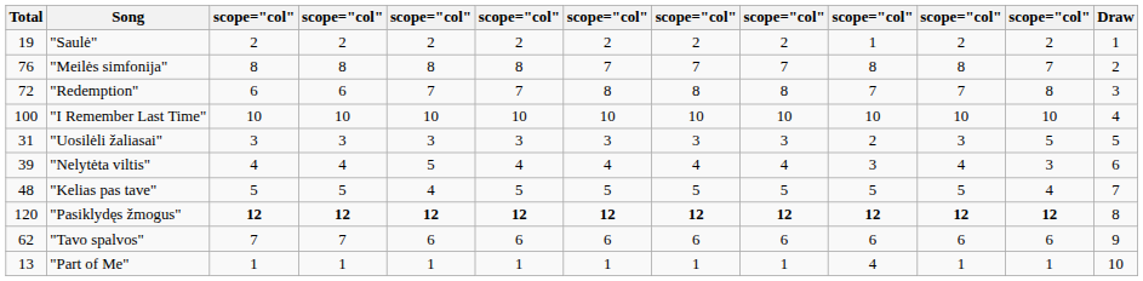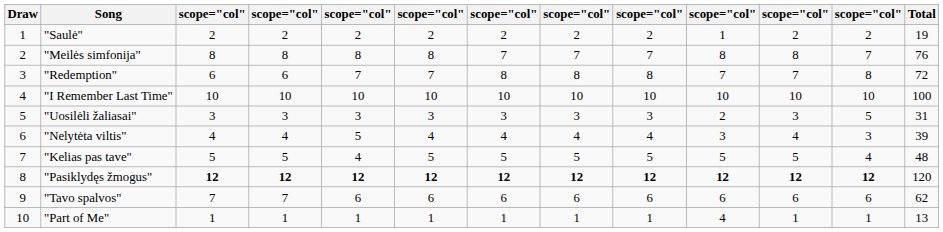 <table class="wikitable collapsible" style="margin: 1em auto 1em auto; text-align:center">
 <tr>
-<th>Total</th>
+<th>Draw</th>
 <th>Song</th>
 <th>scope="col" </th>
 <th>scope="col" </th>
 <th>scope="col" </th>
 <th>scope="col" </th>
 <th>scope="col" </th>
 <th>scope="col" </th>
 <th>scope="col" </th>
 <th>scope="col" </th>
 <th>scope="col" </th>
 <th>scope="col" </th>
-<th>Draw</th>
+<th>Total</th>
 </tr>
 <tr>
-<td>19</td>
+<td>1</td>
 <td align="left">"Saulė"</td>
 <td>2</td>
 <td>2</td>
 <td>2</td>
 <td>2</td>
 <td>2</td>
 <td>2</td>
 <td>2</td>
 <td>1</td>
 <td>2</td>
 <td>2</td>
-<td>1</td>
+<td>19</td>
 </tr>
 <tr>
-<td>76</td>
+<td>2</td>
 <td align="left">"Meilės simfonija"</td>
 <td>8</td>
 <td>8</td>
 <td>8</td>
 <td>8</td>
 <td>7</td>
 <td>7</td>
 <td>7</td>
 <td>8</td>
 <td>8</td>
 <td>7</td>
-<td>2</td>
+<td>76</td>
 </tr>
 <tr>
-<td>72</td>
+<td>3</td>
 <td align="left">"Redemption"</td>
 <td>6</td>
 <td>6</td>
 <td>7</td>
 <td>7</td>
 <td>8</td>
 <td>8</td>
 <td>8</td>
 <td>7</td>
 <td>7</td>
 <td>8</td>
-<td>3</td>
+<td>72</td>
 </tr>
 <tr>
-<td>100</td>
+<td>4</td>
 <td align="left">"I Remember Last Time"</td>
 <td>10</td>
 <td>10</td>
 <td>10</td>
 <td>10</td>
 <td>10</td>
 <td>10</td>
 <td>10</td>
 <td>10</td>
 <td>10</td>
 <td>10</td>
-<td>4</td>
+<td>100</td>
 </tr>
 <tr>
-<td>31</td>
+<td>5</td>
 <td align="left">"Uosilėli žaliasai"</td>
 <td>3</td>
 <td>3</td>
 <td>3</td>
 <td>3</td>
 <td>3</td>
 <td>3</td>
 <td>3</td>
 <td>2</td>
 <td>3</td>
 <td>5</td>
-<td>5</td>
+<td>31</td>
 </tr>
 <tr>
-<td>39</td>
+<td>6</td>
 <td align="left">"Nelytėta viltis"</td>
 <td>4</td>
 <td>4</td>
 <td>5</td>
 <td>4</td>
 <td>4</td>
 <td>4</td>
 <td>4</td>
 <td>3</td>
 <td>4</td>
 <td>3</td>
-<td>6</td>
+<td>39</td>
 </tr>
 <tr>
-<td>48</td>
+<td>7</td>
 <td align="left">"Kelias pas tave"</td>
 <td>5</td>
 <td>5</td>
 <td>4</td>
 <td>5</td>
 <td>5</td>
 <td>5</td>
 <td>5</td>
 <td>5</td>
 <td>5</td>
 <td>4</td>
-<td>7</td>
+<td>48</td>
 </tr>
 <tr>
-<td>120</td>
+<td>8</td>
 <td align="left">"Pasiklydęs žmogus"</td>
 <td><strong>12</strong></td>
 <td><strong>12</strong></td>
 <td><strong>12</strong></td>
 <td><strong>12</strong></td>
 <td><strong>12</strong></td>
 <td><strong>12</strong></td>
 <td><strong>12</strong></td>
 <td><strong>12</strong></td>
 <td><strong>12</strong></td>
 <td><strong>12</strong></td>
-<td>8</td>
+<td>120</td>
 </tr>
 <tr>
-<td>62</td>
+<td>9</td>
 <td align="left">"Tavo spalvos"</td>
 <td>7</td>
 <td>7</td>
 <td>6</td>
 <td>6</td>
 <td>6</td>
 <td>6</td>
 <td>6</td>
 <td>6</td>
 <td>6</td>
 <td>6</td>
-<td>9</td>
+<td>62</td>
 </tr>
 <tr>
-<td>13</td>
+<td>10</td>
 <td align="left">"Part of Me"</td>
 <td>1</td>
 <td>1</td>
 <td>1</td>
 <td>1</td>
 <td>1</td>
 <td>1</td>
 <td>1</td>
 <td>4</td>
 <td>1</td>
 <td>1</td>
-<td>10</td>
+<td>13</td>
 </tr>
 </table>
